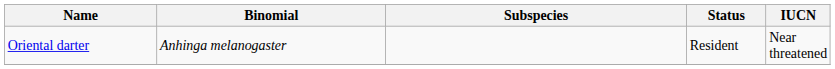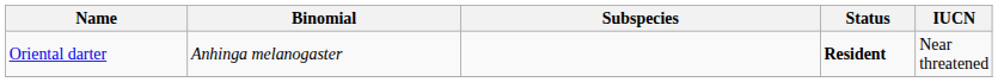 <table width=60% class="wikitable">
 <tr>
 <th width=20%>Name</th>
 <th width=30%>Binomial</th>
 <th width=40%>Subspecies</th>
 <th width=30%>Status</th>
 <th width=30%>IUCN</th>
 </tr>
 <tr>
 <td><a href='#'>Oriental darter</a><br></td>
 <td><em>Anhinga melanogaster</em></td>
 <td></td>
-<td>Resident</td>
+<td><strong>Resident</strong></td>
 <td>Near threatened</td>
 </tr>
 <tr>
 </tr>
 </table>
